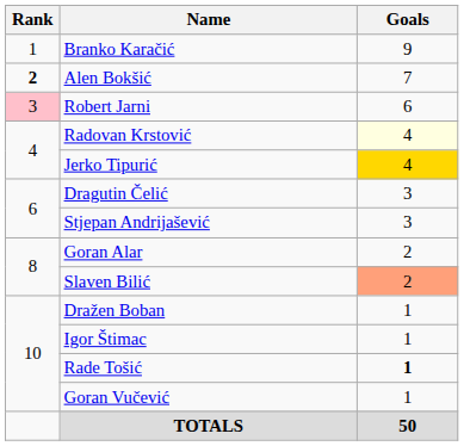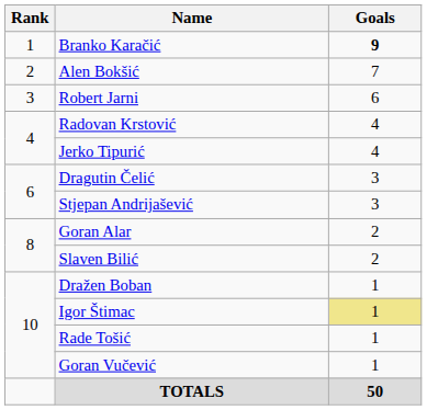 <table class="wikitable" style="font-size: 95%; text-align: center;">
 <tr>
 <th width=40>Rank</th>
 <th width=250>Name</th>
 <th width=80>Goals</th>
 </tr>
 <tr>
 <td rowspan=1>1</td>
 <td style="text-align:left;"> <a href='#'>Branko Karačić</a></td>
-<td>9</td>
+<td><strong>9</strong></td>
 </tr>
 <tr>
-<td rowspan=1><strong>2</strong></td>
+<td rowspan=1>2</td>
 <td style="text-align:left;"> <a href='#'>Alen Bokšić</a></td>
 <td>7</td>
 </tr>
 <tr>
-<td rowspan=1 style="background: pink;">3</td>
+<td rowspan=1>3</td>
 <td style="text-align:left;"> <a href='#'>Robert Jarni</a></td>
 <td>6</td>
 </tr>
 <tr>
 <td rowspan=2>4</td>
 <td style="text-align:left;"> <a href='#'>Radovan Krstović</a></td>
-<td style="background: lightyellow;">4</td>
+<td>4</td>
 </tr>
 <tr>
 <td style="text-align:left;"> <a href='#'>Jerko Tipurić</a></td>
-<td style="background: gold;">4</td>
+<td>4</td>
 </tr>
 <tr>
 <td rowspan=2>6</td>
 <td style="text-align:left;"> <a href='#'>Dragutin Čelić</a></td>
 <td>3</td>
 </tr>
 <tr>
 <td style="text-align:left;"> <a href='#'>Stjepan Andrijašević</a></td>
 <td>3</td>
 </tr>
 <tr>
 <td rowspan=2>8</td>
 <td style="text-align:left;"> <a href='#'>Goran Alar</a></td>
 <td>2</td>
 </tr>
 <tr>
 <td style="text-align:left;"> <a href='#'>Slaven Bilić</a></td>
-<td style="background: lightsalmon;">2</td>
+<td>2</td>
 </tr>
 <tr>
 <td rowspan=4>10</td>
 <td style="text-align:left;"> <a href='#'>Dražen Boban</a></td>
 <td>1</td>
 </tr>
 <tr>
 <td style="text-align:left;"> <a href='#'>Igor Štimac</a></td>
-<td>1</td>
+<td style="background: khaki;">1</td>
 </tr>
 <tr>
 <td style="text-align:left;"> <a href='#'>Rade Tošić</a></td>
-<td><strong>1</strong></td>
+<td>1</td>
 </tr>
 <tr>
 <td style="text-align:left;"> <a href='#'>Goran Vučević</a></td>
 <td>1</td>
 </tr>
 <tr>
 <td></td>
 <th style="background: #DCDCDC">TOTALS</th>
 <th style="background: #DCDCDC">50</th>
 </tr>
 </table>
